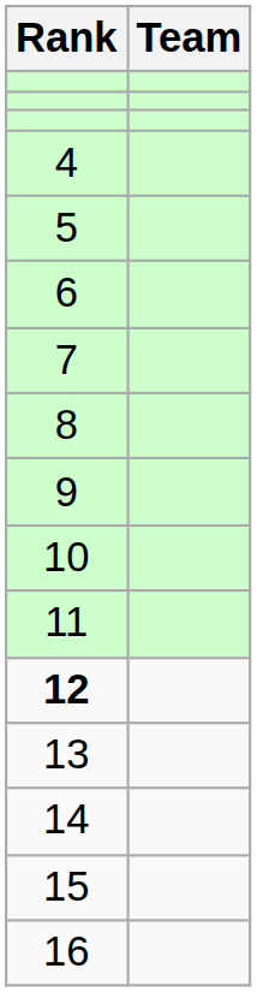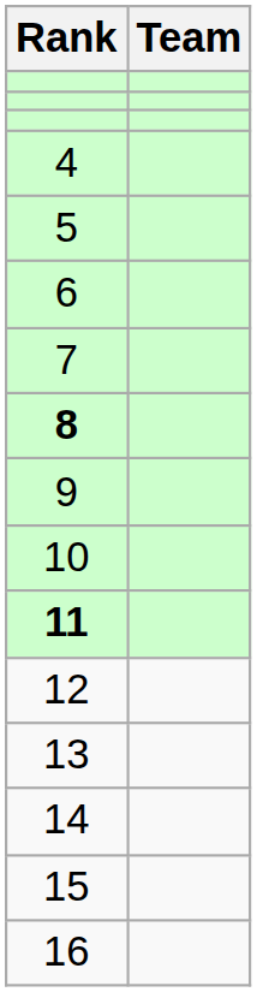 <table class=wikitable style="text-align: center;">
 <tr>
 <th>Rank</th>
 <th>Team</th>
 </tr>
 <tr style="background: #CCFFCC;">
 <td></td>
 <td style="text-align: left;"></td>
 </tr>
 <tr style="background: #CCFFCC;">
 <td></td>
 <td style="text-align: left;"></td>
 </tr>
 <tr style="background: #CCFFCC;">
 <td></td>
 <td style="text-align: left;"></td>
 </tr>
 <tr style="background: #CCFFCC;">
 <td>4</td>
 <td style="text-align: left;"></td>
 </tr>
 <tr style="background: #CCFFCC;">
 <td>5</td>
 <td style="text-align: left;"></td>
 </tr>
 <tr style="background: #CCFFCC;">
 <td>6</td>
 <td style="text-align: left;"></td>
 </tr>
 <tr style="background: #CCFFCC;">
 <td>7</td>
 <td style="text-align: left;"></td>
 </tr>
 <tr style="background: #CCFFCC;">
-<td>8</td>
+<td><strong>8</strong></td>
 <td style="text-align: left;"></td>
 </tr>
 <tr style="background: #CCFFCC;">
 <td>9</td>
 <td style="text-align: left;"></td>
 </tr>
 <tr style="background: #CCFFCC;">
 <td>10</td>
 <td style="text-align: left;"></td>
 </tr>
 <tr style="background: #CCFFCC;">
-<td>11</td>
+<td><strong>11</strong></td>
 <td style="text-align: left;"></td>
 </tr>
 <tr>
-<td><strong>12</strong></td>
+<td>12</td>
 <td style="text-align: left;"></td>
 </tr>
 <tr>
 <td>13</td>
 <td style="text-align: left;"></td>
 </tr>
 <tr>
 <td>14</td>
 <td style="text-align: left;"></td>
 </tr>
 <tr>
 <td>15</td>
 <td style="text-align: left;"></td>
 </tr>
 <tr>
 <td>16</td>
 <td style="text-align: left;"></td>
 </tr>
 </table>
